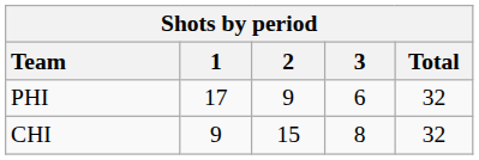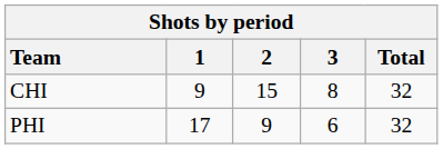 <table class="wikitable" style="width:20em; text-align:right;">
 <tr>
 <th colspan=5>Shots by period</th>
 </tr>
 <tr>
 <th style="width:8em; text-align:left;">Team</th>
 <th style="width:3em;">1</th>
 <th style="width:3em;">2</th>
 <th style="width:3em;">3</th>
 <th style="width:3em;">Total</th>
 </tr>
 <tr style="text-align:center;">
+<td style="text-align:left;">CHI</td>
+<td>9</td>
+<td>15</td>
+<td>8</td>
+<td>32</td>
+</tr>
+<tr style="text-align:center;">
 <td style="text-align:left;">PHI</td>
 <td>17</td>
 <td>9</td>
 <td>6</td>
 <td>32</td>
 </tr>
-<tr style="text-align:center;">
-<td style="text-align:left;">CHI</td>
-<td>9</td>
-<td>15</td>
-<td>8</td>
-<td>32</td>
-</tr>
 </table>
